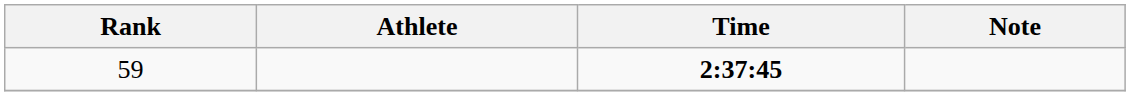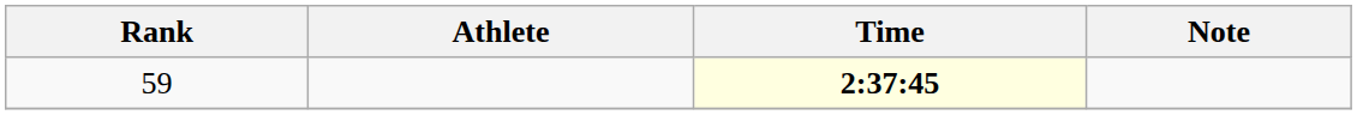 <table class="wikitable" style=" text-align:center; font-size:110%;" width="60%">
 <tr>
 <th>Rank</th>
 <th>Athlete</th>
 <th>Time</th>
 <th>Note</th>
 </tr>
 <tr>
 <td>59</td>
 <td align=left></td>
-<td><strong>2:37:45</strong></td>
+<td style="background: lightyellow;"><strong>2:37:45</strong></td>
 <td></td>
 </tr>
 <tr>
 </tr>
 </table>
